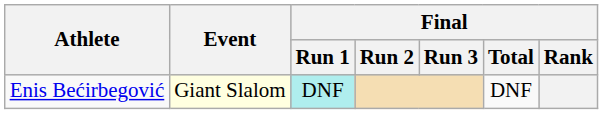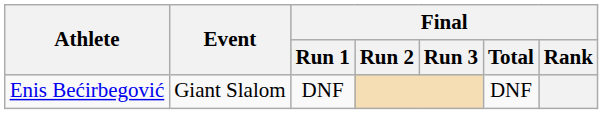 <table class="wikitable" style="font-size:90%">
 <tr>
 <th rowspan="2">Athlete</th>
 <th rowspan="2">Event</th>
 <th colspan="5">Final</th>
 </tr>
 <tr>
 <th>Run 1</th>
 <th>Run 2</th>
 <th>Run 3</th>
 <th>Total</th>
 <th>Rank</th>
 </tr>
 <tr>
 <td><a href='#'>Enis Bećirbegović</a></td>
-<td style="background: lightyellow;">Giant Slalom</td>
-<td align="center" style="background: paleturquoise;">DNF</td>
+<td>Giant Slalom</td>
+<td align="center">DNF</td>
 <td colspan=2 bgcolor="wheat"></td>
 <td align="center">DNF</td>
 <th align="center"></th>
 </tr>
 </table>
